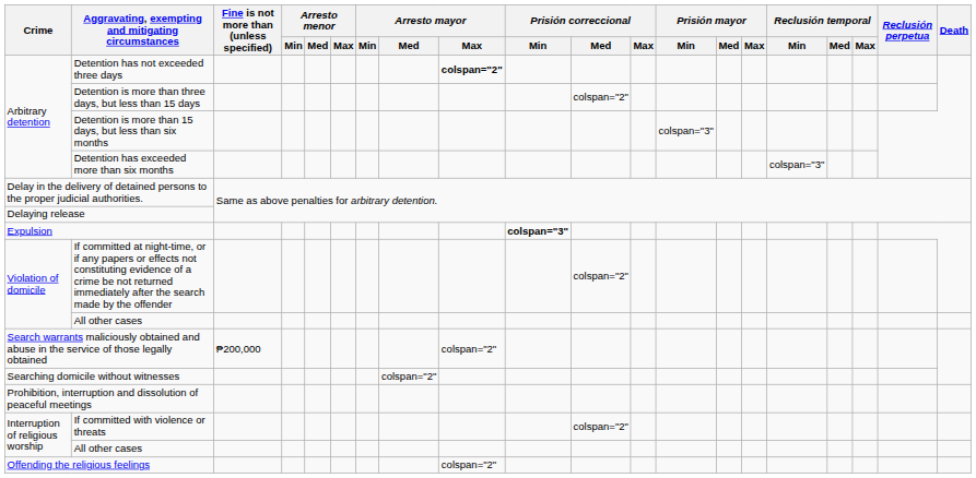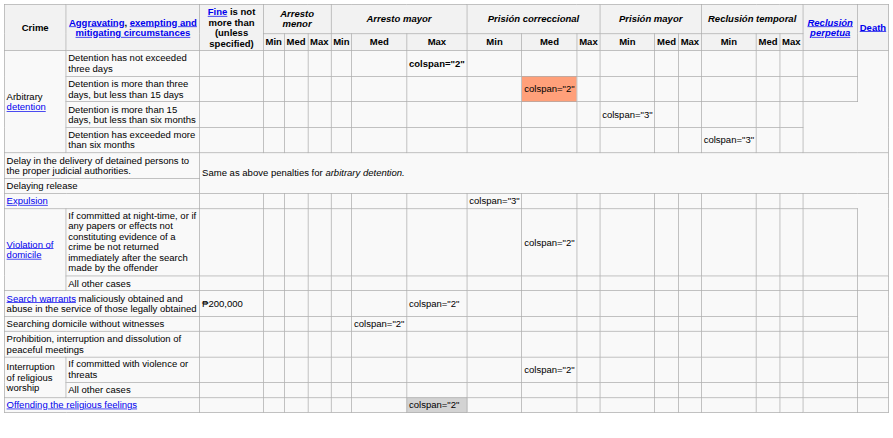 <table class="wikitable" style="font-size:85%;" width="100%">
 <tr>
 <th rowspan="2">Crime</th>
 <th rowspan="2"><a href='#'>Aggravating</a>, <a href='#'>exempting and mitigating circumstances</a></th>
 <th rowspan="2"><a href='#'>Fine</a> is not more than (unless specified)</th>
 <th colspan="3"><em>Arresto menor</em></th>
 <th colspan="3"><em>Arresto mayor</em></th>
 <th colspan="3"><em>Prisión correccional</em></th>
 <th colspan="3"><em>Prisión mayor</em></th>
 <th colspan="3"><em>Reclusión temporal</em></th>
 <th rowspan="2"><em><a href='#'>Reclusión perpetua</a></em></th>
 <th rowspan="2"><a href='#'>Death</a></th>
 </tr>
 <tr>
 <th>Min</th>
 <th>Med</th>
 <th>Max</th>
 <th>Min</th>
 <th>Med</th>
 <th>Max</th>
 <th>Min</th>
 <th>Med</th>
 <th>Max</th>
 <th>Min</th>
 <th>Med</th>
 <th>Max</th>
 <th>Min</th>
 <th>Med</th>
 <th>Max</th>
 </tr>
 <tr>
 <td rowspan="4">Arbitrary <a href='#'>detention</a></td>
 <td>Detention has not exceeded three days</td>
 <td></td>
 <td></td>
 <td></td>
 <td></td>
 <td></td>
 <td></td>
 <td><strong>colspan="2" </strong></td>
 <td></td>
 <td></td>
 <td></td>
 <td></td>
 <td></td>
 <td></td>
 <td></td>
 <td></td>
 <td></td>
 <td></td>
 </tr>
 <tr>
 <td>Detention is more than three days, but less than 15 days</td>
 <td></td>
 <td></td>
 <td></td>
 <td></td>
 <td></td>
 <td></td>
 <td></td>
 <td></td>
-<td>colspan="2" </td>
+<td style="background: lightsalmon;">colspan="2" </td>
 <td></td>
 <td></td>
 <td></td>
 <td></td>
 <td></td>
 <td></td>
 <td></td>
 <td></td>
 </tr>
 <tr>
 <td>Detention is more than 15 days, but less than six months</td>
 <td></td>
 <td></td>
 <td></td>
 <td></td>
 <td></td>
 <td></td>
 <td></td>
 <td></td>
 <td></td>
 <td></td>
 <td>colspan="3" </td>
 <td></td>
 <td></td>
 <td></td>
 <td></td>
 <td></td>
 </tr>
 <tr>
 <td>Detention has exceeded more than six months</td>
 <td></td>
 <td></td>
 <td></td>
 <td></td>
 <td></td>
 <td></td>
 <td></td>
 <td></td>
 <td></td>
 <td></td>
 <td></td>
 <td></td>
 <td></td>
 <td>colspan="3" </td>
 <td></td>
 <td></td>
 </tr>
 <tr>
 <td colspan="2">Delay in the delivery of detained persons to the proper judicial authorities.</td>
 <td colspan="18" rowspan="2">Same as above penalties for <em>arbitrary detention.</em></td>
 </tr>
 <tr>
 <td colspan="2">Delaying release</td>
 </tr>
 <tr>
 <td colspan="2"><a href='#'>Expulsion</a></td>
 <td></td>
 <td></td>
 <td></td>
 <td></td>
 <td></td>
 <td></td>
 <td></td>
-<td><strong>colspan="3" </strong></td>
+<td>colspan="3" </td>
 <td></td>
 <td></td>
 <td></td>
 <td></td>
 <td></td>
 <td></td>
 <td></td>
 <td></td>
 </tr>
 <tr>
 <td rowspan="2"><a href='#'>Violation of domicile</a></td>
 <td>If committed at night-time, or if any papers or effects not constituting evidence of a crime be not returned immediately after the search made by the offender</td>
 <td></td>
 <td></td>
 <td></td>
 <td></td>
 <td></td>
 <td></td>
 <td></td>
 <td></td>
 <td>colspan="2" </td>
 <td></td>
 <td></td>
 <td></td>
 <td></td>
 <td></td>
 <td></td>
 <td></td>
 <td></td>
 </tr>
 <tr>
 <td>All other cases</td>
 <td></td>
 <td></td>
 <td></td>
 <td></td>
 <td></td>
 <td></td>
 <td></td>
 <td></td>
 <td></td>
 <td></td>
 <td></td>
 <td></td>
 <td></td>
 <td></td>
 <td></td>
 <td></td>
 <td></td>
 <td></td>
 </tr>
 <tr>
 <td colspan="2"><a href='#'>Search warrants</a> maliciously obtained and abuse in the service of those legally obtained</td>
 <td>₱200,000</td>
 <td></td>
 <td></td>
 <td></td>
 <td></td>
 <td></td>
 <td>colspan="2" </td>
 <td></td>
 <td></td>
 <td></td>
 <td></td>
 <td></td>
 <td></td>
 <td></td>
 <td></td>
 <td></td>
 <td></td>
 </tr>
 <tr>
 <td colspan="2">Searching domicile without witnesses</td>
 <td></td>
 <td></td>
 <td></td>
 <td></td>
 <td></td>
 <td>colspan="2" </td>
 <td></td>
 <td></td>
 <td></td>
 <td></td>
 <td></td>
 <td></td>
 <td></td>
 <td></td>
 <td></td>
 <td></td>
 <td></td>
 </tr>
 <tr>
 <td colspan="2">Prohibition, interruption and dissolution of peaceful meetings</td>
 <td></td>
 <td></td>
 <td></td>
 <td></td>
 <td></td>
 <td></td>
 <td></td>
 <td></td>
 <td></td>
 <td></td>
 <td></td>
 <td></td>
 <td></td>
 <td></td>
 <td></td>
 <td></td>
 <td></td>
 <td></td>
 </tr>
 <tr>
 <td rowspan="2">Interruption of religious worship</td>
 <td>If committed with violence or threats</td>
 <td></td>
 <td></td>
 <td></td>
 <td></td>
 <td></td>
 <td></td>
 <td></td>
 <td></td>
 <td>colspan="2" </td>
 <td></td>
 <td></td>
 <td></td>
 <td></td>
 <td></td>
 <td></td>
 <td></td>
 <td></td>
 </tr>
 <tr>
 <td>All other cases</td>
 <td></td>
 <td></td>
 <td></td>
 <td></td>
 <td></td>
 <td></td>
 <td></td>
 <td></td>
 <td></td>
 <td></td>
 <td></td>
 <td></td>
 <td></td>
 <td></td>
 <td></td>
 <td></td>
 <td></td>
 <td></td>
 </tr>
 <tr>
 <td colspan="2"><a href='#'>Offending the religious feelings</a></td>
 <td></td>
 <td></td>
 <td></td>
 <td></td>
 <td></td>
 <td></td>
-<td>colspan="2" </td>
+<td style="background: lightgrey;">colspan="2" </td>
 <td></td>
 <td></td>
 <td></td>
 <td></td>
 <td></td>
 <td></td>
 <td></td>
 <td></td>
 <td></td>
 <td></td>
 </tr>
 </table>
